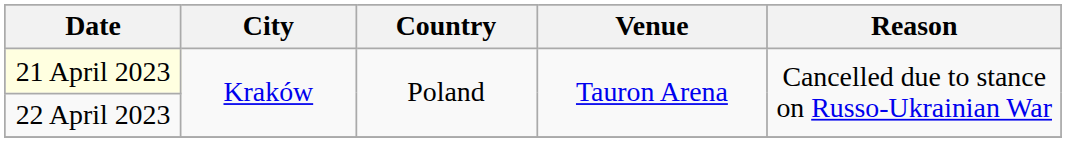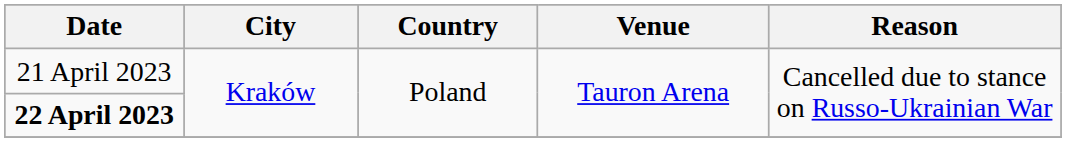 <table class="wikitable" style="text-align:center;">
 <tr>
 <th scope="col" style="width:12em;">Date</th>
 <th scope="col" style="width:10em;">City</th>
 <th scope="col" style="width:10em;">Country</th>
 <th scope="col" style="width:16em;">Venue</th>
 <th scope="col" style="width:20em;">Reason</th>
 </tr>
 <tr>
-<td style="background: lightyellow;">21 April 2023</td>
+<td>21 April 2023</td>
 <td rowspan="2"><a href='#'>Kraków</a></td>
 <td rowspan="2">Poland</td>
 <td rowspan="2"><a href='#'>Tauron Arena</a></td>
 <td rowspan="2">Cancelled due to stance on <a href='#'>Russo-Ukrainian War</a></td>
 </tr>
 <tr>
-<td>22 April 2023</td>
+<td><strong>22 April 2023</strong></td>
 </tr>
 <tr>
 </tr>
 </table>
